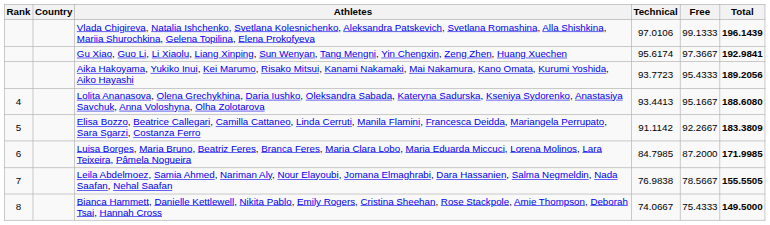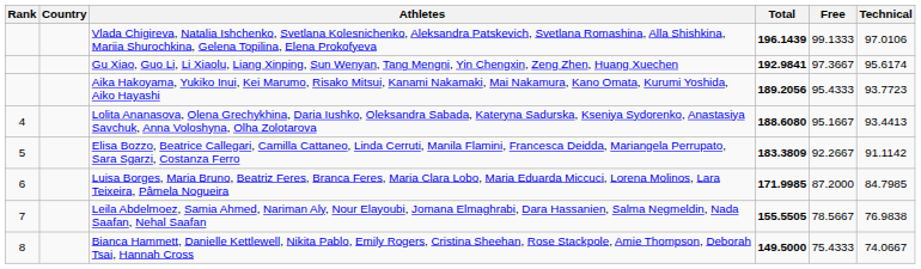 <table class="wikitable sortable" style="text-align:center">
 <tr>
 <th>Rank</th>
 <th>Country</th>
 <th class="unsortable">Athletes</th>
+<th>Total</th>
+<th>Free</th>
 <th>Technical</th>
-<th>Free</th>
-<th>Total</th>
 </tr>
 <tr>
 <td></td>
 <td align=left></td>
 <td align=left><a href='#'>Vlada Chigireva</a>, <a href='#'>Natalia Ishchenko</a>, <a href='#'>Svetlana Kolesnichenko</a>, <a href='#'>Aleksandra Patskevich</a>, <a href='#'>Svetlana Romashina</a>, <a href='#'>Alla Shishkina</a>, <a href='#'>Mariia Shurochkina</a>, <a href='#'>Gelena Topilina</a>, <a href='#'>Elena Prokofyeva</a></td>
+<td><strong>196.1439</strong></td>
+<td>99.1333</td>
 <td>97.0106</td>
-<td>99.1333</td>
-<td><strong>196.1439</strong></td>
 </tr>
 <tr>
 <td></td>
 <td align=left></td>
 <td align=left><a href='#'>Gu Xiao</a>, <a href='#'>Guo Li</a>, <a href='#'>Li Xiaolu</a>, <a href='#'>Liang Xinping</a>, <a href='#'>Sun Wenyan</a>, <a href='#'>Tang Mengni</a>, <a href='#'>Yin Chengxin</a>, <a href='#'>Zeng Zhen</a>, <a href='#'>Huang Xuechen</a></td>
+<td><strong>192.9841</strong></td>
+<td>97.3667</td>
 <td>95.6174</td>
-<td>97.3667</td>
-<td><strong>192.9841</strong></td>
 </tr>
 <tr>
 <td></td>
 <td align=left></td>
 <td align=left><a href='#'>Aika Hakoyama</a>, <a href='#'>Yukiko Inui</a>, <a href='#'>Kei Marumo</a>, <a href='#'>Risako Mitsui</a>, <a href='#'>Kanami Nakamaki</a>, <a href='#'>Mai Nakamura</a>, <a href='#'>Kano Omata</a>, <a href='#'>Kurumi Yoshida</a>, <a href='#'>Aiko Hayashi</a></td>
+<td><strong>189.2056</strong></td>
+<td>95.4333</td>
 <td>93.7723</td>
-<td>95.4333</td>
-<td><strong>189.2056</strong></td>
 </tr>
 <tr>
 <td>4</td>
 <td align=left></td>
 <td align=left><a href='#'>Lolita Ananasova</a>, <a href='#'>Olena Grechykhina</a>, <a href='#'>Daria Iushko</a>, <a href='#'>Oleksandra Sabada</a>, <a href='#'>Kateryna Sadurska</a>, <a href='#'>Kseniya Sydorenko</a>, <a href='#'>Anastasiya Savchuk</a>, <a href='#'>Anna Voloshyna</a>, <a href='#'>Olha Zolotarova</a></td>
+<td><strong>188.6080</strong></td>
+<td>95.1667</td>
 <td>93.4413</td>
-<td>95.1667</td>
-<td><strong>188.6080</strong></td>
 </tr>
 <tr>
 <td>5</td>
 <td align=left></td>
 <td align=left><a href='#'>Elisa Bozzo</a>, <a href='#'>Beatrice Callegari</a>, <a href='#'>Camilla Cattaneo</a>, <a href='#'>Linda Cerruti</a>, <a href='#'>Manila Flamini</a>, <a href='#'>Francesca Deidda</a>, <a href='#'>Mariangela Perrupato</a>, <a href='#'>Sara Sgarzi</a>, <a href='#'>Costanza Ferro</a></td>
+<td><strong>183.3809</strong></td>
+<td>92.2667</td>
 <td>91.1142</td>
-<td>92.2667</td>
-<td><strong>183.3809</strong></td>
 </tr>
 <tr>
 <td>6</td>
 <td align=left></td>
 <td align=left><a href='#'>Luisa Borges</a>, <a href='#'>Maria Bruno</a>, <a href='#'>Beatriz Feres</a>, <a href='#'>Branca Feres</a>, <a href='#'>Maria Clara Lobo</a>, <a href='#'>Maria Eduarda Miccuci</a>, <a href='#'>Lorena Molinos</a>, <a href='#'>Lara Teixeira</a>, <a href='#'>Pâmela Nogueira</a></td>
+<td><strong>171.9985</strong></td>
+<td>87.2000</td>
 <td>84.7985</td>
-<td>87.2000</td>
-<td><strong>171.9985</strong></td>
 </tr>
 <tr>
 <td>7</td>
 <td align=left></td>
 <td align=left><a href='#'>Leila Abdelmoez</a>, <a href='#'>Samia Ahmed</a>, <a href='#'>Nariman Aly</a>, <a href='#'>Nour Elayoubi</a>, <a href='#'>Jomana Elmaghrabi</a>, <a href='#'>Dara Hassanien</a>, <a href='#'>Salma Negmeldin</a>, <a href='#'>Nada Saafan</a>, <a href='#'>Nehal Saafan</a></td>
+<td><strong>155.5505</strong></td>
+<td>78.5667</td>
 <td>76.9838</td>
-<td>78.5667</td>
-<td><strong>155.5505</strong></td>
 </tr>
 <tr>
 <td>8</td>
 <td align=left></td>
 <td align=left><a href='#'>Bianca Hammett</a>, <a href='#'>Danielle Kettlewell</a>, <a href='#'>Nikita Pablo</a>, <a href='#'>Emily Rogers</a>, <a href='#'>Cristina Sheehan</a>, <a href='#'>Rose Stackpole</a>, <a href='#'>Amie Thompson</a>, <a href='#'>Deborah Tsai</a>, <a href='#'>Hannah Cross</a></td>
+<td><strong>149.5000</strong></td>
+<td>75.4333</td>
 <td>74.0667</td>
-<td>75.4333</td>
-<td><strong>149.5000</strong></td>
 </tr>
 </table>
